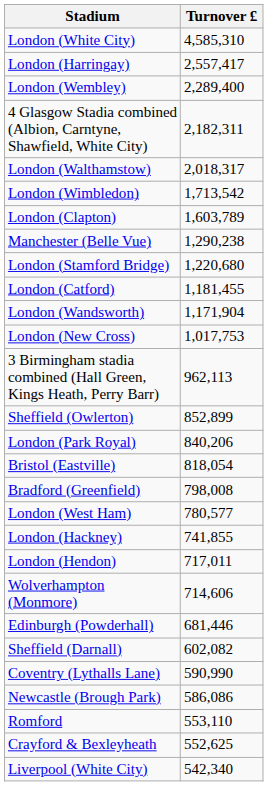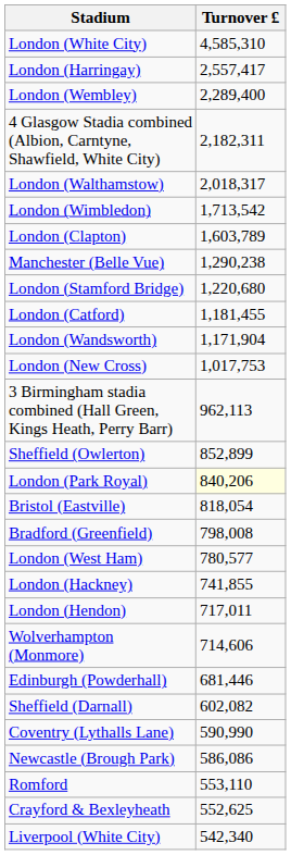 <table class="wikitable">
 <tr>
 <th width=180>Stadium</th>
 <th width=80>Turnover £</th>
 </tr>
 <tr>
 <td><a href='#'>London (White City)</a></td>
 <td>4,585,310</td>
 </tr>
 <tr>
 <td><a href='#'>London (Harringay)</a></td>
 <td>2,557,417</td>
 </tr>
 <tr>
 <td><a href='#'>London (Wembley)</a></td>
 <td>2,289,400</td>
 </tr>
 <tr>
 <td>4 Glasgow Stadia combined (Albion, Carntyne, Shawfield, White City)</td>
 <td>2,182,311</td>
 </tr>
 <tr>
 <td><a href='#'>London (Walthamstow)</a></td>
 <td>2,018,317</td>
 </tr>
 <tr>
 <td><a href='#'>London (Wimbledon)</a></td>
 <td>1,713,542</td>
 </tr>
 <tr>
 <td><a href='#'>London (Clapton)</a></td>
 <td>1,603,789</td>
 </tr>
 <tr>
 <td><a href='#'>Manchester (Belle Vue)</a></td>
 <td>1,290,238</td>
 </tr>
 <tr>
 <td><a href='#'>London (Stamford Bridge)</a></td>
 <td>1,220,680</td>
 </tr>
 <tr>
 <td><a href='#'>London (Catford)</a></td>
 <td>1,181,455</td>
 </tr>
 <tr>
 <td><a href='#'>London (Wandsworth)</a></td>
 <td>1,171,904</td>
 </tr>
 <tr>
 <td><a href='#'>London (New Cross)</a></td>
 <td>1,017,753</td>
 </tr>
 <tr>
 <td>3 Birmingham stadia combined (Hall Green, Kings Heath, Perry Barr)</td>
 <td>962,113</td>
 </tr>
 <tr>
 <td><a href='#'>Sheffield (Owlerton)</a></td>
 <td>852,899</td>
 </tr>
 <tr>
 <td><a href='#'>London (Park Royal)</a></td>
-<td>840,206</td>
+<td style="background: lightyellow;">840,206</td>
 </tr>
 <tr>
 <td><a href='#'>Bristol (Eastville)</a></td>
 <td>818,054</td>
 </tr>
 <tr>
 <td><a href='#'>Bradford (Greenfield)</a></td>
 <td>798,008</td>
 </tr>
 <tr>
 <td><a href='#'>London (West Ham)</a></td>
 <td>780,577</td>
 </tr>
 <tr>
 <td><a href='#'>London (Hackney)</a></td>
 <td>741,855</td>
 </tr>
 <tr>
 <td><a href='#'>London (Hendon)</a></td>
 <td>717,011</td>
 </tr>
 <tr>
 <td><a href='#'>Wolverhampton (Monmore)</a></td>
 <td>714,606</td>
 </tr>
 <tr>
 <td><a href='#'>Edinburgh (Powderhall)</a></td>
 <td>681,446</td>
 </tr>
 <tr>
 <td><a href='#'>Sheffield (Darnall)</a></td>
 <td>602,082</td>
 </tr>
 <tr>
 <td><a href='#'>Coventry (Lythalls Lane)</a></td>
 <td>590,990</td>
 </tr>
 <tr>
 <td><a href='#'>Newcastle (Brough Park)</a></td>
 <td>586,086</td>
 </tr>
 <tr>
 <td><a href='#'>Romford</a></td>
 <td>553,110</td>
 </tr>
 <tr>
 <td><a href='#'>Crayford & Bexleyheath</a></td>
 <td>552,625</td>
 </tr>
 <tr>
 <td><a href='#'>Liverpool (White City)</a></td>
 <td>542,340</td>
 </tr>
 </table>
